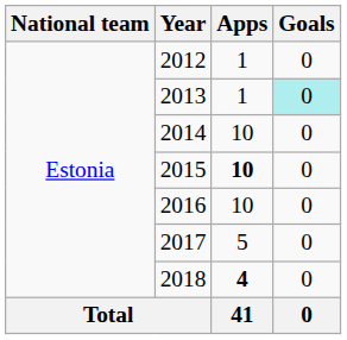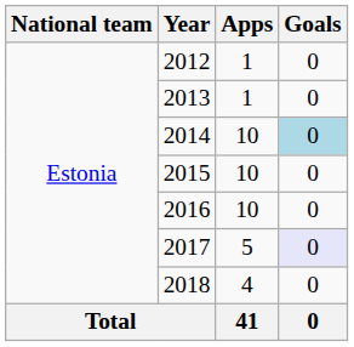 <table class="wikitable" style="text-align:center;">
 <tr>
 <th>National team</th>
 <th>Year</th>
 <th>Apps</th>
 <th>Goals</th>
 </tr>
 <tr>
 <td rowspan=7><a href='#'>Estonia</a></td>
 <td>2012</td>
 <td>1</td>
 <td>0</td>
 </tr>
 <tr>
 <td>2013</td>
 <td>1</td>
-<td style="background: paleturquoise;">0</td>
+<td>0</td>
 </tr>
 <tr>
 <td>2014</td>
 <td>10</td>
-<td>0</td>
+<td style="background: lightblue;">0</td>
 </tr>
 <tr>
 <td>2015</td>
-<td><strong>10</strong></td>
+<td>10</td>
 <td>0</td>
 </tr>
 <tr>
 <td>2016</td>
 <td>10</td>
 <td>0</td>
 </tr>
 <tr>
 <td>2017</td>
 <td>5</td>
-<td>0</td>
+<td style="background: lavender;">0</td>
 </tr>
 <tr>
 <td>2018</td>
-<td><strong>4</strong></td>
+<td>4</td>
 <td>0</td>
 </tr>
 <tr>
 <th colspan=2>Total</th>
 <th>41</th>
 <th>0</th>
 </tr>
 </table>
